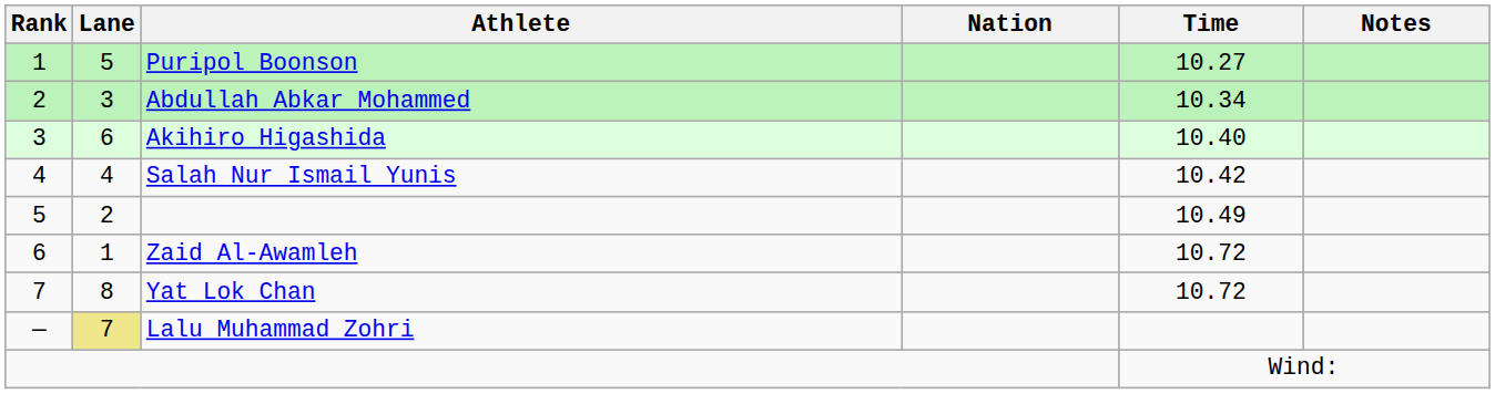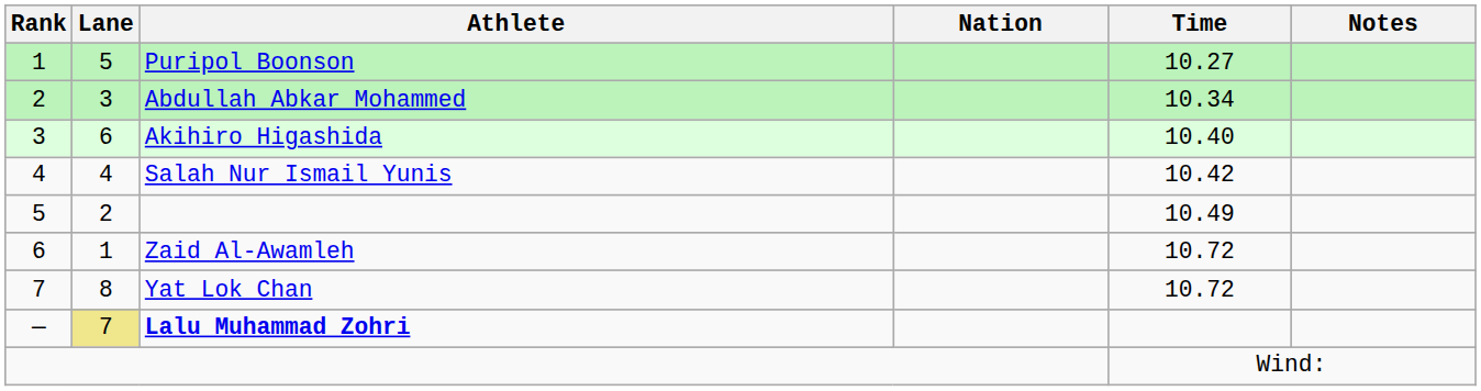 <table class="wikitable sortable" style="text-align:center;width: 65%;">
 <tr>
 <th scope="col" style="width: 10px;">Rank</th>
 <th scope="col" style="width: 10px;">Lane</th>
 <th scope="col">Athlete</th>
 <th scope="col">Nation</th>
 <th scope="col">Time</th>
 <th scope="col">Notes</th>
 </tr>
 <tr bgcolor=bbf3bb>
 <td>1</td>
 <td>5</td>
 <td align="left"><a href='#'>Puripol Boonson</a></td>
 <td align="left"></td>
 <td>10.27</td>
 <td></td>
 </tr>
 <tr bgcolor=bbf3bb>
 <td>2</td>
 <td>3</td>
 <td align="left"><a href='#'>Abdullah Abkar Mohammed</a></td>
 <td align="left"></td>
 <td>10.34</td>
 <td></td>
 </tr>
 <tr bgcolor=ddffdd>
 <td>3</td>
 <td>6</td>
 <td align="left"><a href='#'>Akihiro Higashida</a></td>
 <td align="left"></td>
 <td>10.40</td>
 <td></td>
 </tr>
 <tr>
 <td>4</td>
 <td>4</td>
 <td align="left"><a href='#'>Salah Nur Ismail Yunis</a></td>
 <td align="left"></td>
 <td>10.42</td>
 <td></td>
 </tr>
 <tr>
 <td>5</td>
 <td>2</td>
 <td align="left"></td>
 <td align="left"></td>
 <td>10.49</td>
 <td></td>
 </tr>
 <tr>
 <td>6</td>
 <td>1</td>
 <td align="left"><a href='#'>Zaid Al-Awamleh</a></td>
 <td align="left"></td>
 <td>10.72 </td>
 <td></td>
 </tr>
 <tr>
 <td>7</td>
 <td>8</td>
 <td align="left"><a href='#'>Yat Lok Chan</a></td>
 <td align="left"></td>
 <td>10.72 </td>
 <td></td>
 </tr>
 <tr>
 <td>—</td>
 <td style="background: khaki;">7</td>
-<td align="left"><a href='#'>Lalu Muhammad Zohri</a></td>
+<td align="left"><strong><a href='#'>Lalu Muhammad Zohri</a></strong></td>
 <td align="left"></td>
 <td></td>
 <td></td>
 </tr>
 <tr class="sortbottom">
 <td colspan="4"></td>
 <td colspan="2">Wind: </td>
 </tr>
 </table>
